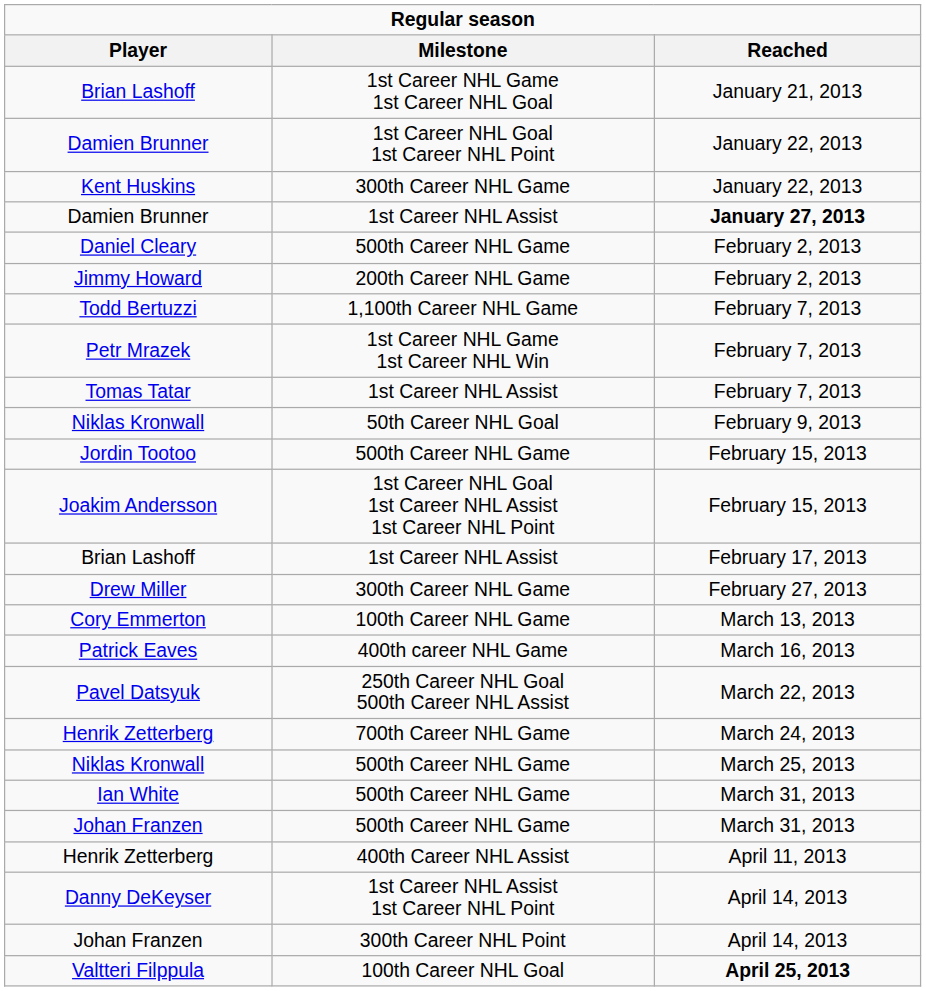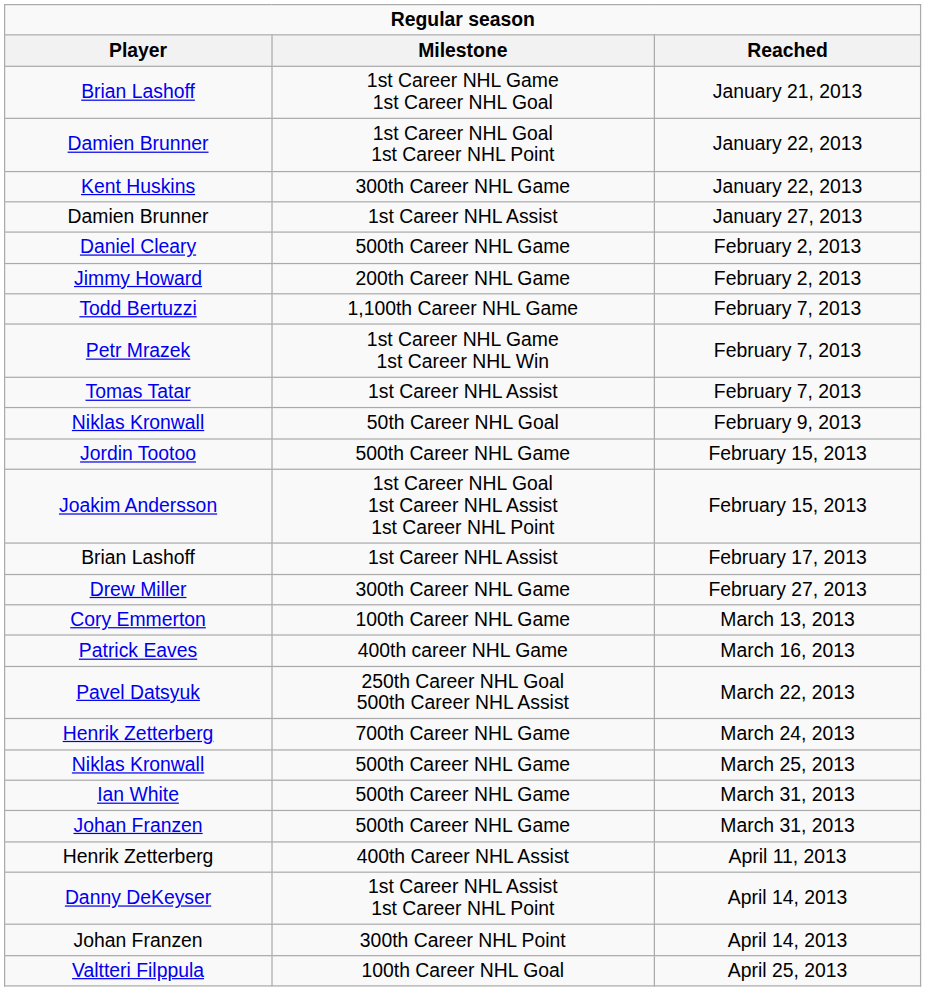 <table class="wikitable" style="width:60%; text-align:center;">
 <tr>
 <td colspan="10" style="text-align:center;"><strong>Regular season</strong></td>
 </tr>
 <tr>
 <th>Player</th>
 <th>Milestone</th>
 <th>Reached</th>
 </tr>
 <tr>
 <td><a href='#'>Brian Lashoff</a></td>
 <td>1st Career NHL Game<br>1st Career NHL Goal</td>
 <td>January 21, 2013</td>
 </tr>
 <tr>
 <td><a href='#'>Damien Brunner</a></td>
 <td>1st Career NHL Goal<br>1st Career NHL Point</td>
 <td>January 22, 2013</td>
 </tr>
 <tr>
 <td><a href='#'>Kent Huskins</a></td>
 <td>300th Career NHL Game</td>
 <td>January 22, 2013</td>
 </tr>
 <tr>
 <td>Damien Brunner</td>
 <td>1st Career NHL Assist</td>
-<td><strong>January 27, 2013</strong></td>
+<td>January 27, 2013</td>
 </tr>
 <tr>
 <td><a href='#'>Daniel Cleary</a></td>
 <td>500th Career NHL Game</td>
 <td>February 2, 2013</td>
 </tr>
 <tr>
 <td><a href='#'>Jimmy Howard</a></td>
 <td>200th Career NHL Game</td>
 <td>February 2, 2013</td>
 </tr>
 <tr>
 <td><a href='#'>Todd Bertuzzi</a></td>
 <td>1,100th Career NHL Game</td>
 <td>February 7, 2013</td>
 </tr>
 <tr>
 <td><a href='#'>Petr Mrazek</a></td>
 <td>1st Career NHL Game<br>1st Career NHL Win</td>
 <td>February 7, 2013</td>
 </tr>
 <tr>
 <td><a href='#'>Tomas Tatar</a></td>
 <td>1st Career NHL Assist</td>
 <td>February 7, 2013</td>
 </tr>
 <tr>
 <td><a href='#'>Niklas Kronwall</a></td>
 <td>50th Career NHL Goal</td>
 <td>February 9, 2013</td>
 </tr>
 <tr>
 <td><a href='#'>Jordin Tootoo</a></td>
 <td>500th Career NHL Game</td>
 <td>February 15, 2013</td>
 </tr>
 <tr>
 <td><a href='#'>Joakim Andersson</a></td>
 <td>1st Career NHL Goal<br>1st Career NHL Assist<br>1st Career NHL Point</td>
 <td>February 15, 2013</td>
 </tr>
 <tr>
 <td>Brian Lashoff</td>
 <td>1st Career NHL Assist</td>
 <td>February 17, 2013</td>
 </tr>
 <tr>
 <td><a href='#'>Drew Miller</a></td>
 <td>300th Career NHL Game</td>
 <td>February 27, 2013</td>
 </tr>
 <tr>
 <td><a href='#'>Cory Emmerton</a></td>
 <td>100th Career NHL Game</td>
 <td>March 13, 2013</td>
 </tr>
 <tr>
 <td><a href='#'>Patrick Eaves</a></td>
 <td>400th career NHL Game</td>
 <td>March 16, 2013</td>
 </tr>
 <tr>
 <td><a href='#'>Pavel Datsyuk</a></td>
 <td>250th Career NHL Goal<br>500th Career NHL Assist</td>
 <td>March 22, 2013</td>
 </tr>
 <tr>
 <td><a href='#'>Henrik Zetterberg</a></td>
 <td>700th Career NHL Game</td>
 <td>March 24, 2013</td>
 </tr>
 <tr>
 <td><a href='#'>Niklas Kronwall</a></td>
 <td>500th Career NHL Game</td>
 <td>March 25, 2013</td>
 </tr>
 <tr>
 <td><a href='#'>Ian White</a></td>
 <td>500th Career NHL Game</td>
 <td>March 31, 2013</td>
 </tr>
 <tr>
 <td><a href='#'>Johan Franzen</a></td>
 <td>500th Career NHL Game</td>
 <td>March 31, 2013</td>
 </tr>
 <tr>
 <td>Henrik Zetterberg</td>
 <td>400th Career NHL Assist</td>
 <td>April 11, 2013</td>
 </tr>
 <tr>
 <td><a href='#'>Danny DeKeyser</a></td>
 <td>1st Career NHL Assist<br>1st Career NHL Point</td>
 <td>April 14, 2013</td>
 </tr>
 <tr>
 <td>Johan Franzen</td>
 <td>300th Career NHL Point</td>
 <td>April 14, 2013</td>
 </tr>
 <tr>
 <td><a href='#'>Valtteri Filppula</a></td>
 <td>100th Career NHL Goal</td>
-<td><strong>April 25, 2013</strong></td>
+<td>April 25, 2013</td>
 </tr>
 </table>
